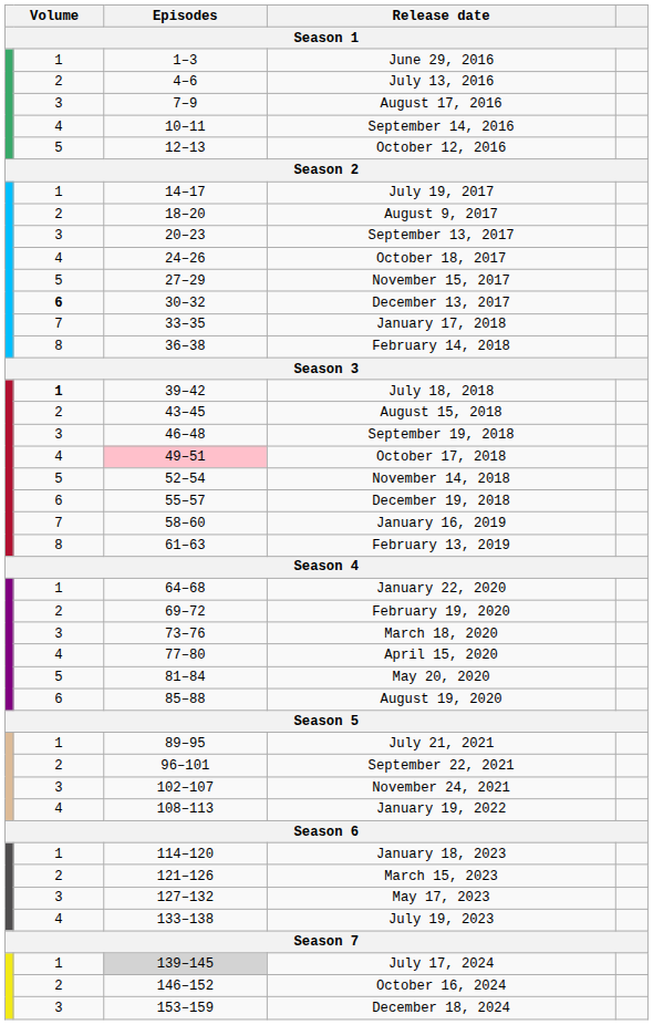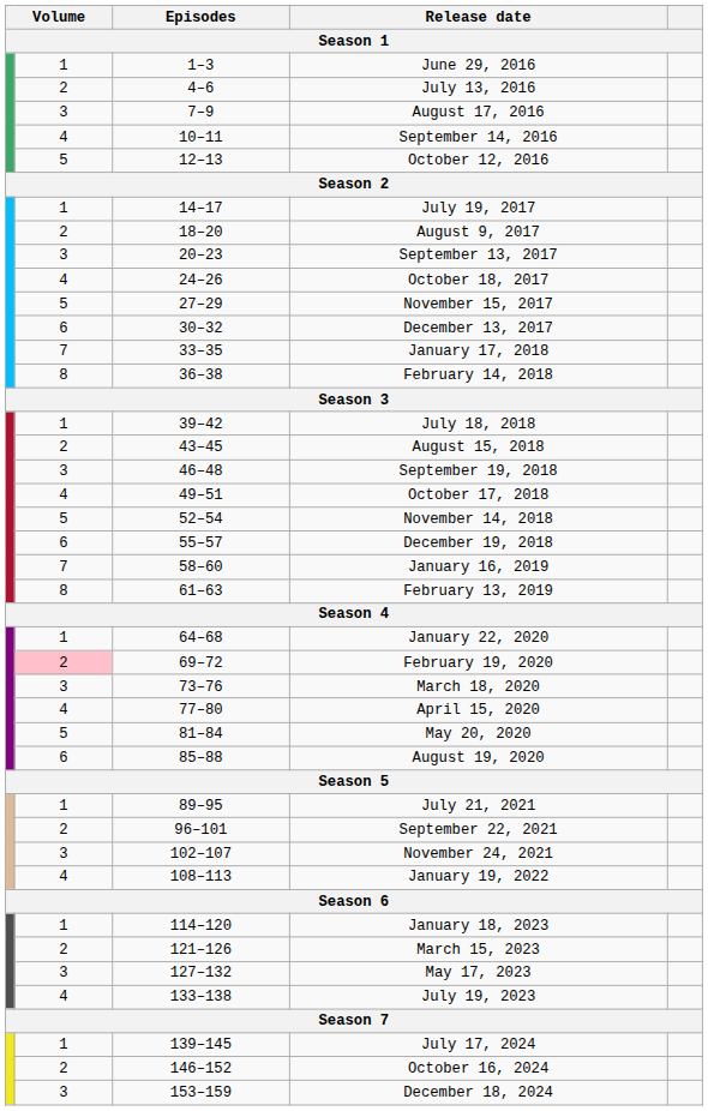 <table class="wikitable" style="text-align:center; width: 70%;">
 <tr>
 <th colspan="2" width="15%">Volume</th>
 <th>Episodes</th>
 <th>Release date</th>
 <th width="5%"></th>
 </tr>
 <tr>
 <th colspan="7">Season 1</th>
 </tr>
 <tr>
 <td rowspan="5" width="1%" style="background: #38A969"></td>
 <td>1</td>
 <td>1–3</td>
 <td>June 29, 2016</td>
 <td></td>
 </tr>
 <tr>
 <td>2</td>
 <td>4–6</td>
 <td>July 13, 2016</td>
 <td></td>
 </tr>
 <tr>
 <td>3</td>
 <td>7–9</td>
 <td>August 17, 2016</td>
 <td></td>
 </tr>
 <tr>
 <td>4</td>
 <td>10–11</td>
 <td>September 14, 2016</td>
 <td></td>
 </tr>
 <tr>
 <td>5</td>
 <td>12–13</td>
 <td>October 12, 2016</td>
 <td></td>
 </tr>
 <tr>
 <th colspan="7">Season 2</th>
 </tr>
 <tr>
 <td rowspan="8" width="1%" style="background: #00BFFF"></td>
 <td>1</td>
 <td>14–17</td>
 <td>July 19, 2017</td>
 <td></td>
 </tr>
 <tr>
 <td>2</td>
 <td>18–20</td>
 <td>August 9, 2017</td>
 <td></td>
 </tr>
 <tr>
 <td>3</td>
 <td>20–23</td>
 <td>September 13, 2017</td>
 <td></td>
 </tr>
 <tr>
 <td>4</td>
 <td>24–26</td>
 <td>October 18, 2017</td>
 <td></td>
 </tr>
 <tr>
 <td>5</td>
 <td>27–29</td>
 <td>November 15, 2017</td>
 <td></td>
 </tr>
 <tr>
-<td><strong>6</strong></td>
+<td>6</td>
 <td>30–32</td>
 <td>December 13, 2017</td>
 <td></td>
 </tr>
 <tr>
 <td>7</td>
 <td>33–35</td>
 <td>January 17, 2018</td>
 <td></td>
 </tr>
 <tr>
 <td>8</td>
 <td>36–38</td>
 <td>February 14, 2018</td>
 <td></td>
 </tr>
 <tr>
 <th colspan="7">Season 3</th>
 </tr>
 <tr>
 <td rowspan="8" width="1%" style="background: #B11030"></td>
-<td><strong>1</strong></td>
+<td>1</td>
 <td>39–42</td>
 <td>July 18, 2018</td>
 <td></td>
 </tr>
 <tr>
 <td>2</td>
 <td>43–45</td>
 <td>August 15, 2018</td>
 <td></td>
 </tr>
 <tr>
 <td>3</td>
 <td>46–48</td>
 <td>September 19, 2018</td>
 <td></td>
 </tr>
 <tr>
 <td>4</td>
-<td style="background: pink;">49–51</td>
+<td>49–51</td>
 <td>October 17, 2018</td>
 <td></td>
 </tr>
 <tr>
 <td>5</td>
 <td>52–54</td>
 <td>November 14, 2018</td>
 <td></td>
 </tr>
 <tr>
 <td>6</td>
 <td>55–57</td>
 <td>December 19, 2018</td>
 <td></td>
 </tr>
 <tr>
 <td>7</td>
 <td>58–60</td>
 <td>January 16, 2019</td>
 <td></td>
 </tr>
 <tr>
 <td>8</td>
 <td>61–63</td>
 <td>February 13, 2019</td>
 <td></td>
 </tr>
 <tr>
 <th colspan="7">Season 4</th>
 </tr>
 <tr>
 <td rowspan="6" width="1%" style="background: #800080"></td>
 <td>1</td>
 <td>64–68</td>
 <td>January 22, 2020</td>
 <td></td>
 </tr>
 <tr>
-<td>2</td>
+<td style="background: pink;">2</td>
 <td>69–72</td>
 <td>February 19, 2020</td>
 <td></td>
 </tr>
 <tr>
 <td>3</td>
 <td>73–76</td>
 <td>March 18, 2020</td>
 <td></td>
 </tr>
 <tr>
 <td>4</td>
 <td>77–80</td>
 <td>April 15, 2020</td>
 <td></td>
 </tr>
 <tr>
 <td>5</td>
 <td>81–84</td>
 <td>May 20, 2020</td>
 <td></td>
 </tr>
 <tr>
 <td>6</td>
 <td>85–88</td>
 <td>August 19, 2020</td>
 <td></td>
 </tr>
 <tr>
 <th colspan="7">Season 5</th>
 </tr>
 <tr>
 <td rowspan="4" width="1%" style="background: #DDBB97"></td>
 <td>1</td>
 <td>89–95</td>
 <td>July 21, 2021</td>
 <td></td>
 </tr>
 <tr>
 <td>2</td>
 <td>96–101</td>
 <td>September 22, 2021</td>
 <td></td>
 </tr>
 <tr>
 <td>3</td>
 <td>102–107</td>
 <td>November 24, 2021</td>
 <td></td>
 </tr>
 <tr>
 <td>4</td>
 <td>108–113</td>
 <td>January 19, 2022</td>
 <td></td>
 </tr>
 <tr>
 <th colspan="7">Season 6</th>
 </tr>
 <tr>
 <td rowspan="4" width="1%" style="background: #4F4D4E"></td>
 <td>1</td>
 <td>114–120</td>
 <td>January 18, 2023</td>
 <td></td>
 </tr>
 <tr>
 <td>2</td>
 <td>121–126</td>
 <td>March 15, 2023</td>
 <td></td>
 </tr>
 <tr>
 <td>3</td>
 <td>127–132</td>
 <td>May 17, 2023</td>
 <td></td>
 </tr>
 <tr>
 <td>4</td>
 <td>133–138</td>
 <td>July 19, 2023</td>
 <td></td>
 </tr>
 <tr>
 <th colspan="7">Season 7</th>
 </tr>
 <tr>
 <td rowspan="3" width="1%" style="background: #F2EA16"></td>
 <td>1</td>
-<td style="background: lightgrey;">139–145</td>
+<td>139–145</td>
 <td>July 17, 2024</td>
 <td></td>
 </tr>
 <tr>
 <td>2</td>
 <td>146–152</td>
 <td>October 16, 2024</td>
 <td></td>
 </tr>
 <tr>
 <td>3</td>
 <td>153–159</td>
 <td>December 18, 2024</td>
 <td></td>
 </tr>
 </table>
